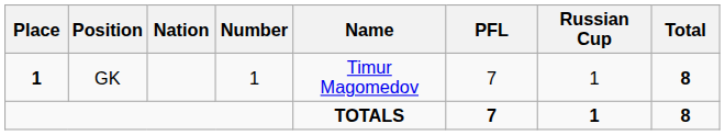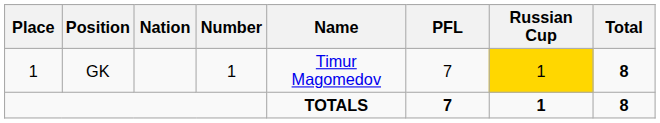 <table class="wikitable" style="font-size: 95%; text-align: center;">
 <tr>
 <th width=60>Place</th>
 <th width=60>Position</th>
 <th width=60>Nation</th>
 <th width=60>Number</th>
 <th width=200>Name</th>
 <th width=150>PFL</th>
 <th width=150>Russian Cup</th>
 <th width=80><strong>Total</strong></th>
 </tr>
 <tr>
-<td><strong>1</strong></td>
+<td>1</td>
 <td>GK</td>
 <td></td>
 <td>1</td>
 <td><a href='#'>Timur Magomedov</a></td>
 <td>7</td>
-<td>1</td>
+<td style="background: gold;">1</td>
 <td><strong>8</strong></td>
 </tr>
 <tr>
 <td colspan="4"></td>
 <td><strong>TOTALS</strong></td>
 <td><strong>7</strong></td>
 <td><strong>1</strong></td>
 <td><strong>8</strong></td>
 </tr>
 </table>
